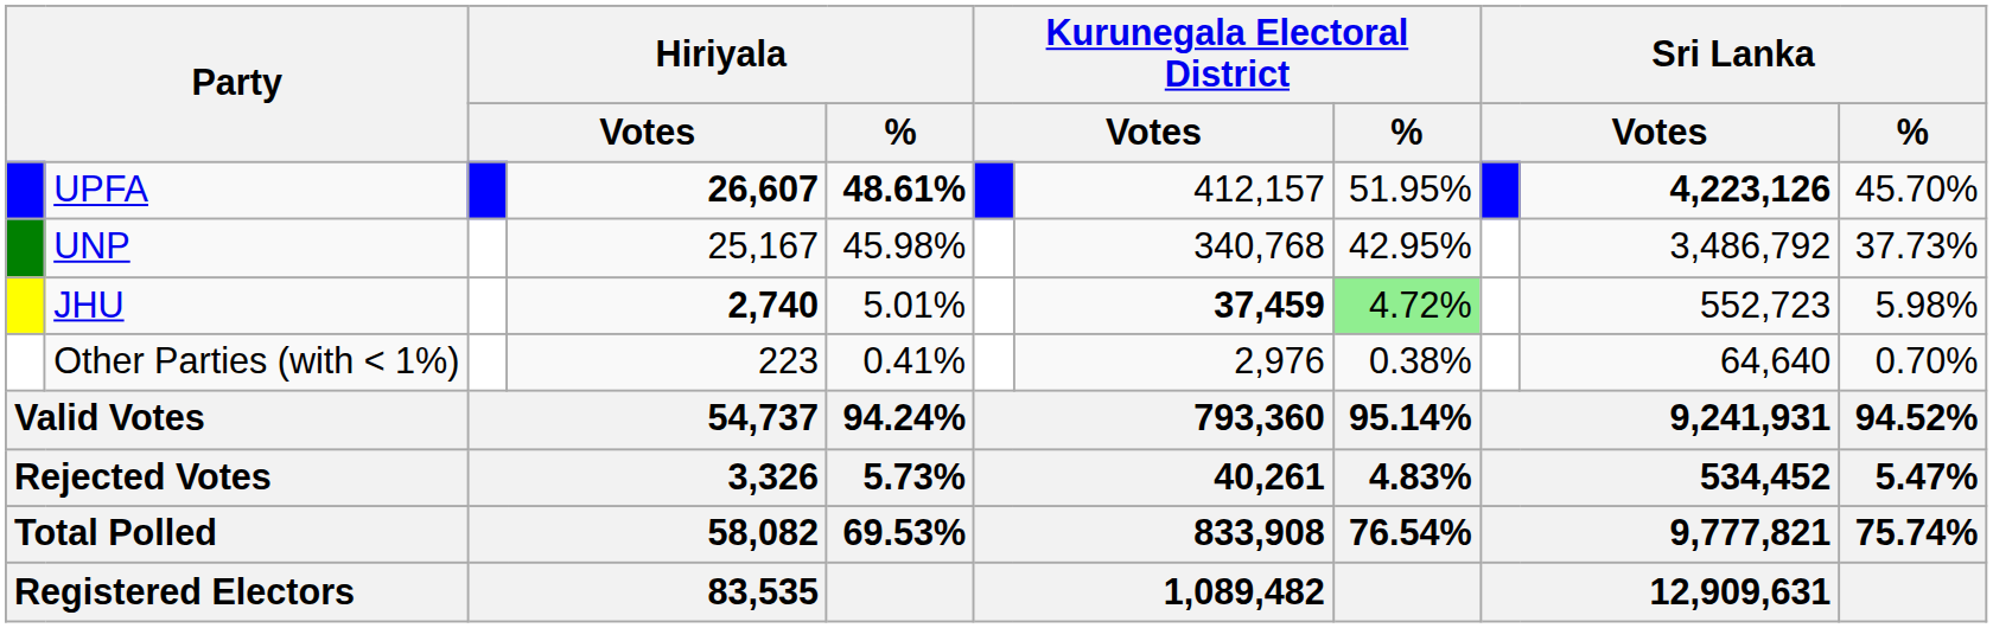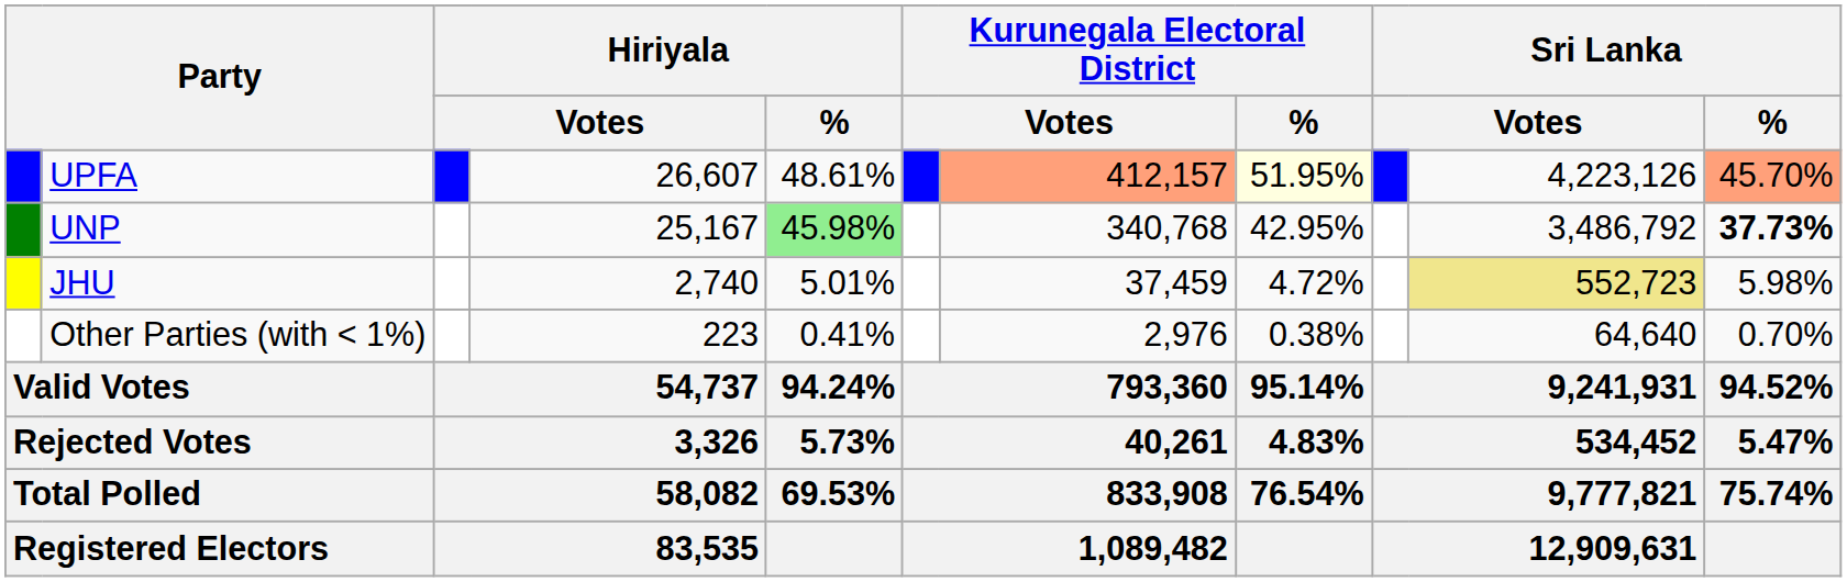 <table class="wikitable">
 <tr>
 <th colspan="2" width="144px"rowspan="2">Party</th>
 <th colspan="3" width="216px">Hiriyala</th>
 <th colspan="3" width="216px"><a href='#'>Kurunegala Electoral District</a></th>
 <th colspan="3" width="216px">Sri Lanka</th>
 </tr>
 <tr>
 <th colspan="2" width="144px">Votes</th>
 <th>%</th>
 <th colspan="2" width="144px">Votes</th>
 <th>%</th>
 <th colspan="2" width="144px">Votes</th>
 <th>%</th>
 </tr>
 <tr>
 <td style="background-color:blue;" width="10px"></td>
 <td style="text-align:left;"><a href='#'>UPFA</a></td>
 <td style="background-color:blue;" width="10px"></td>
-<td style="text-align:right;"><strong>26,607</strong></td>
-<td style="text-align:right;"><strong>48.61%</strong></td>
+<td style="text-align:right;">26,607</td>
+<td style="text-align:right;">48.61%</td>
 <td style="background-color:blue;" width="10px"></td>
-<td style="text-align:right;">412,157</td>
-<td style="text-align:right;">51.95%</td>
+<td style="background: lightsalmon; text-align:right;">412,157</td>
+<td style="background: lightyellow; text-align:right;">51.95%</td>
 <td style="background-color:blue;" width="10px"></td>
-<td style="text-align:right;"><strong>4,223,126</strong></td>
-<td style="text-align:right;">45.70%</td>
+<td style="text-align:right;">4,223,126</td>
+<td style="background: lightsalmon; text-align:right;">45.70%</td>
 </tr>
 <tr>
 <td style="background-color:green;" width="10px"></td>
 <td style="text-align:left;"><a href='#'>UNP</a></td>
 <td style="background-color:white;" width="10px"></td>
 <td style="text-align:right;">25,167</td>
-<td style="text-align:right;">45.98%</td>
+<td style="background: lightgreen; text-align:right;">45.98%</td>
 <td style="background-color:white;" width="10px"></td>
 <td style="text-align:right;">340,768</td>
 <td style="text-align:right;">42.95%</td>
 <td style="background-color:white;" width="10px"></td>
 <td style="text-align:right;">3,486,792</td>
-<td style="text-align:right;">37.73%</td>
+<td style="text-align:right;"><strong>37.73%</strong></td>
 </tr>
 <tr>
 <td style="background-color:yellow;" width="10px"></td>
 <td style="text-align:left;"><a href='#'>JHU</a></td>
 <td style="background-color:white;" width="10px"></td>
-<td style="text-align:right;"><strong>2,740</strong></td>
+<td style="text-align:right;">2,740</td>
 <td style="text-align:right;">5.01%</td>
 <td style="background-color:white;" width="10px"></td>
-<td style="text-align:right;"><strong>37,459</strong></td>
-<td style="background: lightgreen; text-align:right;">4.72%</td>
+<td style="text-align:right;">37,459</td>
+<td style="text-align:right;">4.72%</td>
 <td style="background-color:white;" width="10px"></td>
-<td style="text-align:right;">552,723</td>
+<td style="background: khaki; text-align:right;">552,723</td>
 <td style="text-align:right;">5.98%</td>
 </tr>
 <tr>
 <td style="background-color:white;" width="10px"></td>
 <td style="text-align:left;">Other Parties (with < 1%)</td>
 <td style="background-color:white;" width="10px"></td>
 <td style="text-align:right;">223</td>
 <td style="text-align:right;">0.41%</td>
 <td style="background-color:white;" width="10px"></td>
 <td style="text-align:right;">2,976</td>
 <td style="text-align:right;">0.38%</td>
 <td style="background-color:white;" width="10px"></td>
 <td style="text-align:right;">64,640</td>
 <td style="text-align:right;">0.70%</td>
 </tr>
 <tr>
 <th colspan="2" width="144px"style="text-align:left;">Valid Votes</th>
 <th style="text-align:right;"colspan="2" width="144px">54,737</th>
 <th style="text-align:right;">94.24%</th>
 <th style="text-align:right;"colspan="2" width="144px">793,360</th>
 <th style="text-align:right;">95.14%</th>
 <th style="text-align:right;"colspan="2" width="144px">9,241,931</th>
 <th style="text-align:right;">94.52%</th>
 </tr>
 <tr>
 <th colspan="2" width="144px"style="text-align:left;">Rejected Votes</th>
 <th style="text-align:right;"colspan="2" width="144px">3,326</th>
 <th style="text-align:right;">5.73%</th>
 <th style="text-align:right;"colspan="2" width="144px">40,261</th>
 <th style="text-align:right;">4.83%</th>
 <th style="text-align:right;"colspan="2" width="144px">534,452</th>
 <th style="text-align:right;">5.47%</th>
 </tr>
 <tr>
 <th colspan="2" width="144px"style="text-align:left;">Total Polled</th>
 <th style="text-align:right;"colspan="2" width="144px">58,082</th>
 <th style="text-align:right;">69.53%</th>
 <th style="text-align:right;"colspan="2" width="144px">833,908</th>
 <th style="text-align:right;">76.54%</th>
 <th style="text-align:right;"colspan="2" width="144px">9,777,821</th>
 <th style="text-align:right;">75.74%</th>
 </tr>
 <tr>
 <th colspan="2" width="144px"style="text-align:left;">Registered Electors</th>
 <th style="text-align:right;"colspan="2" width="144px">83,535</th>
 <th></th>
 <th style="text-align:right;"colspan="2" width="144px">1,089,482</th>
 <th></th>
 <th style="text-align:right;"colspan="2" width="144px">12,909,631</th>
 <th></th>
 </tr>
 </table>
